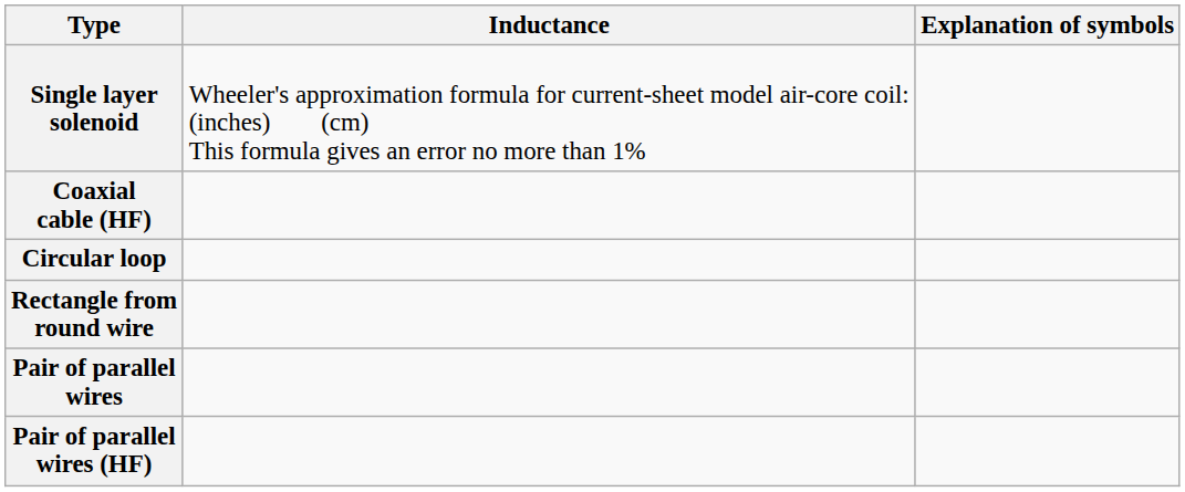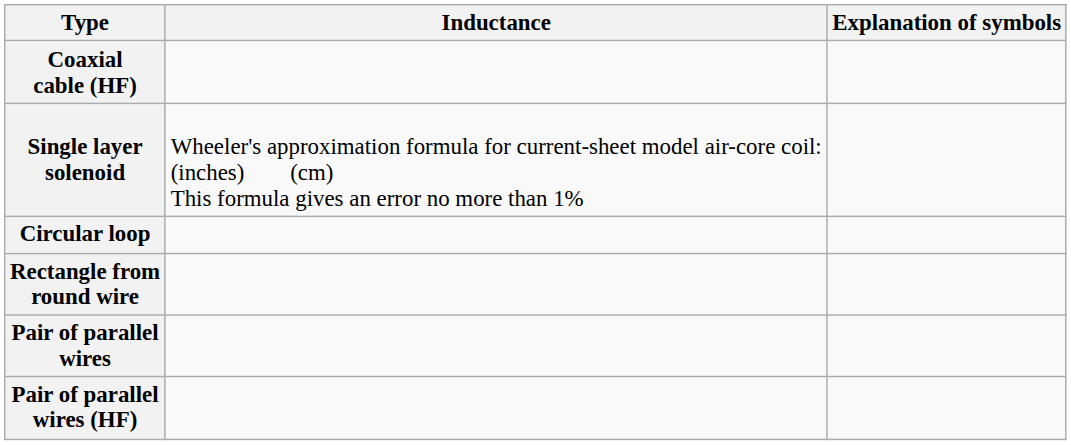 <table class="wikitable">
 <tr>
 <th scope="col">Type</th>
 <th scope="col">Inductance</th>
 <th scope="col">Explanation of symbols</th>
 </tr>
 <tr>
-<th scope="row">Single layer<br>solenoid</th>
-<td><br>Wheeler's approximation formula for current-sheet model air-core coil:<br> (inches)        (cm)<br>This formula gives an error no more than 1% </td>
+<th scope="row">Coaxial <br>cable (HF)</th>
+<td></td>
 <td></td>
 </tr>
 <tr>
-<th scope="row">Coaxial <br>cable (HF)</th>
-<td></td>
+<th scope="row">Single layer<br>solenoid</th>
+<td><br>Wheeler's approximation formula for current-sheet model air-core coil:<br> (inches)        (cm)<br>This formula gives an error no more than 1% </td>
 <td></td>
 </tr>
 <tr>
 <th scope="row">Circular loop</th>
 <td></td>
 <td></td>
 </tr>
 <tr>
 <th scope="row">Rectangle from <br>round wire</th>
 <td><br></td>
 <td></td>
 </tr>
 <tr>
 <th scope="row">Pair of parallel<br> wires</th>
 <td></td>
 <td></td>
 </tr>
 <tr>
 <th scope="row">Pair of parallel<br> wires (HF)</th>
 <td><br></td>
 <td></td>
 </tr>
 </table>
